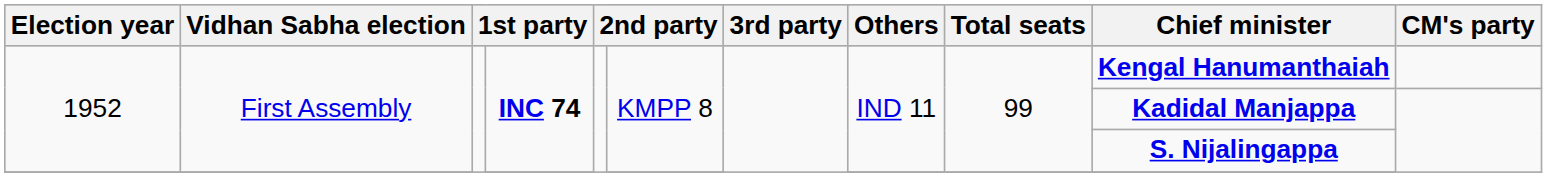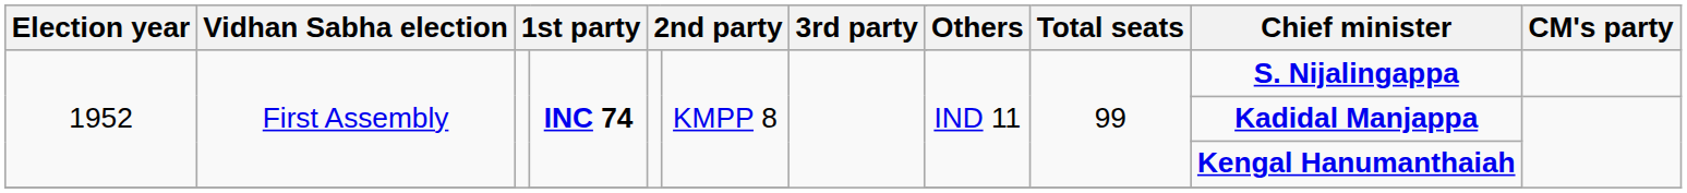 <table class="wikitable" style="text-align:center">
 <tr>
 <th>Election year</th>
 <th>Vidhan Sabha election</th>
 <th colspan="2">1st party</th>
 <th colspan="2">2nd party</th>
 <th colspan="2">3rd party</th>
 <th>Others</th>
 <th>Total seats</th>
 <th>Chief minister</th>
 <th colspan=2>CM's party</th>
 </tr>
 <tr>
 <td rowspan=3>1952</td>
 <td rowspan=3><a href='#'>First Assembly</a></td>
 <td rowspan=13 style="background-color: "></td>
 <td rowspan=3><strong><a href='#'>INC</a> 74</strong></td>
 <td rowspan=4 style="background-color: "></td>
 <td rowspan=3><a href='#'>KMPP</a> 8</td>
 <td colspan=2 rowspan=4></td>
 <td rowspan=3><a href='#'>IND</a> 11</td>
 <td rowspan=3>99</td>
-<td><strong><a href='#'>Kengal Hanumanthaiah</a></strong></td>
+<td><strong><a href='#'>S. Nijalingappa</a></strong></td>
 <td></td>
 </tr>
 <tr>
 <td><strong><a href='#'>Kadidal Manjappa</a></strong></td>
 </tr>
 <tr>
-<td><strong><a href='#'>S. Nijalingappa</a></strong></td>
+<td><strong><a href='#'>Kengal Hanumanthaiah</a></strong></td>
 </tr>
 <tr>
 </tr>
 </table>
